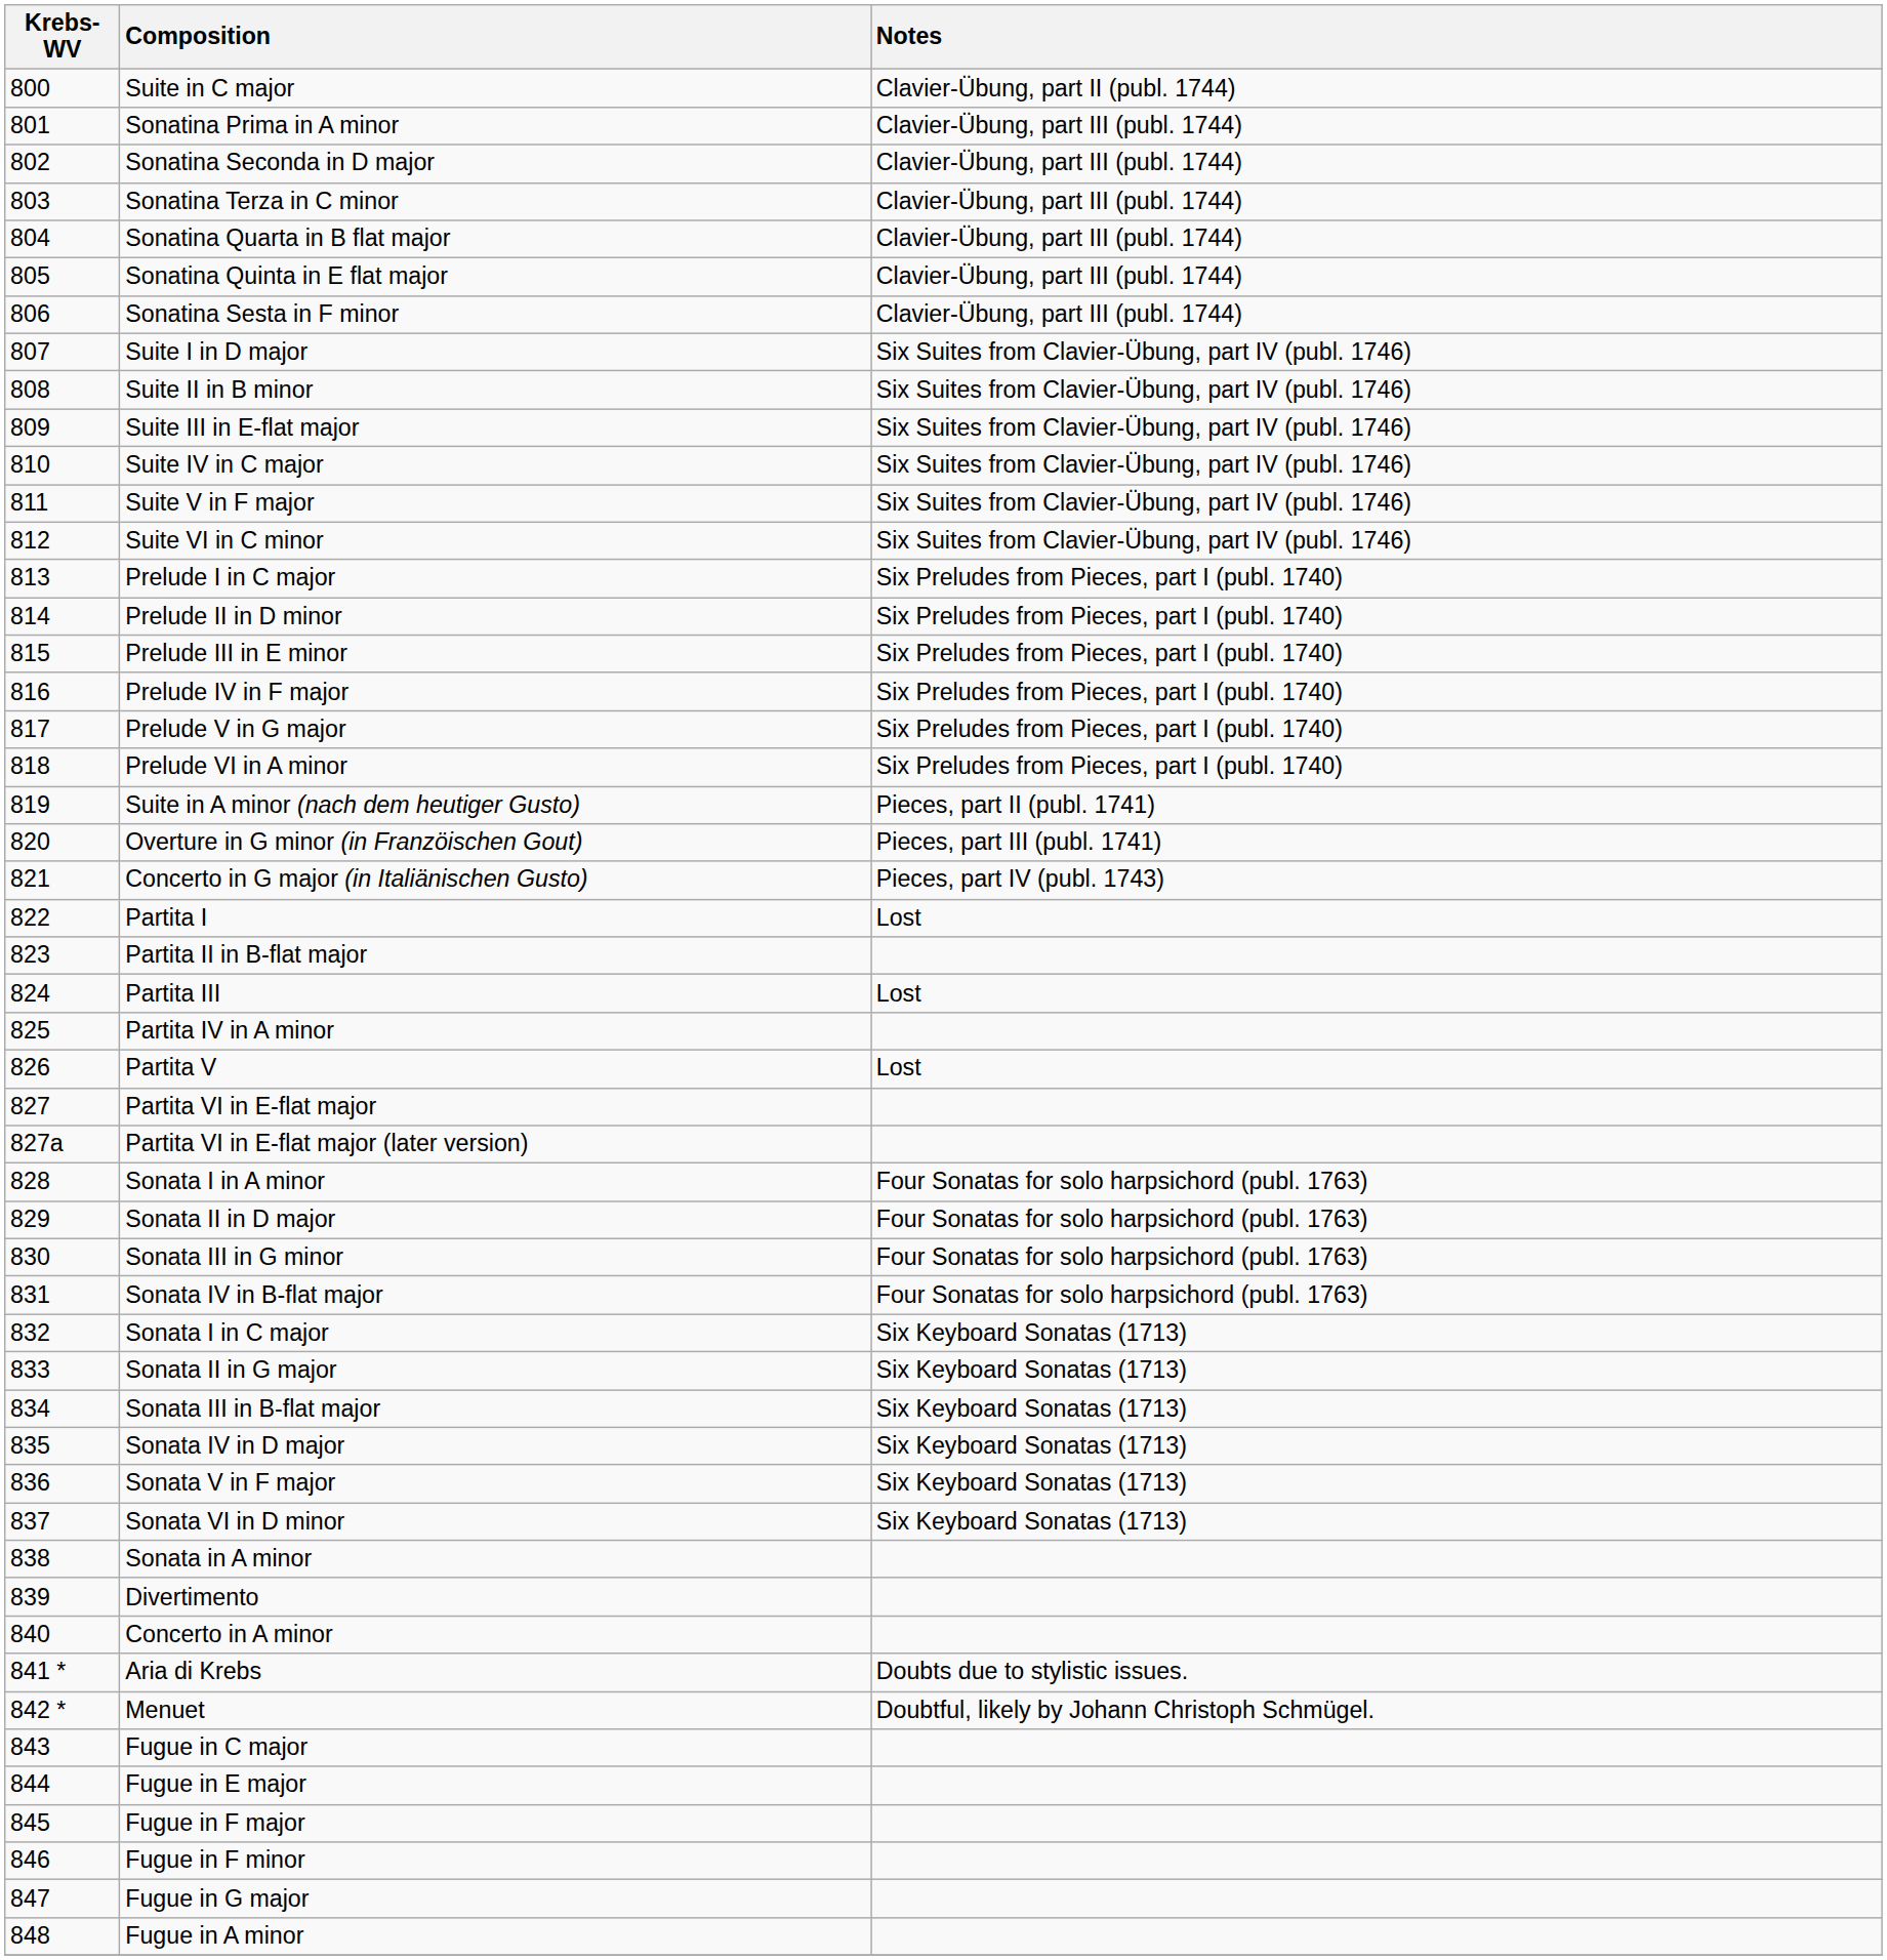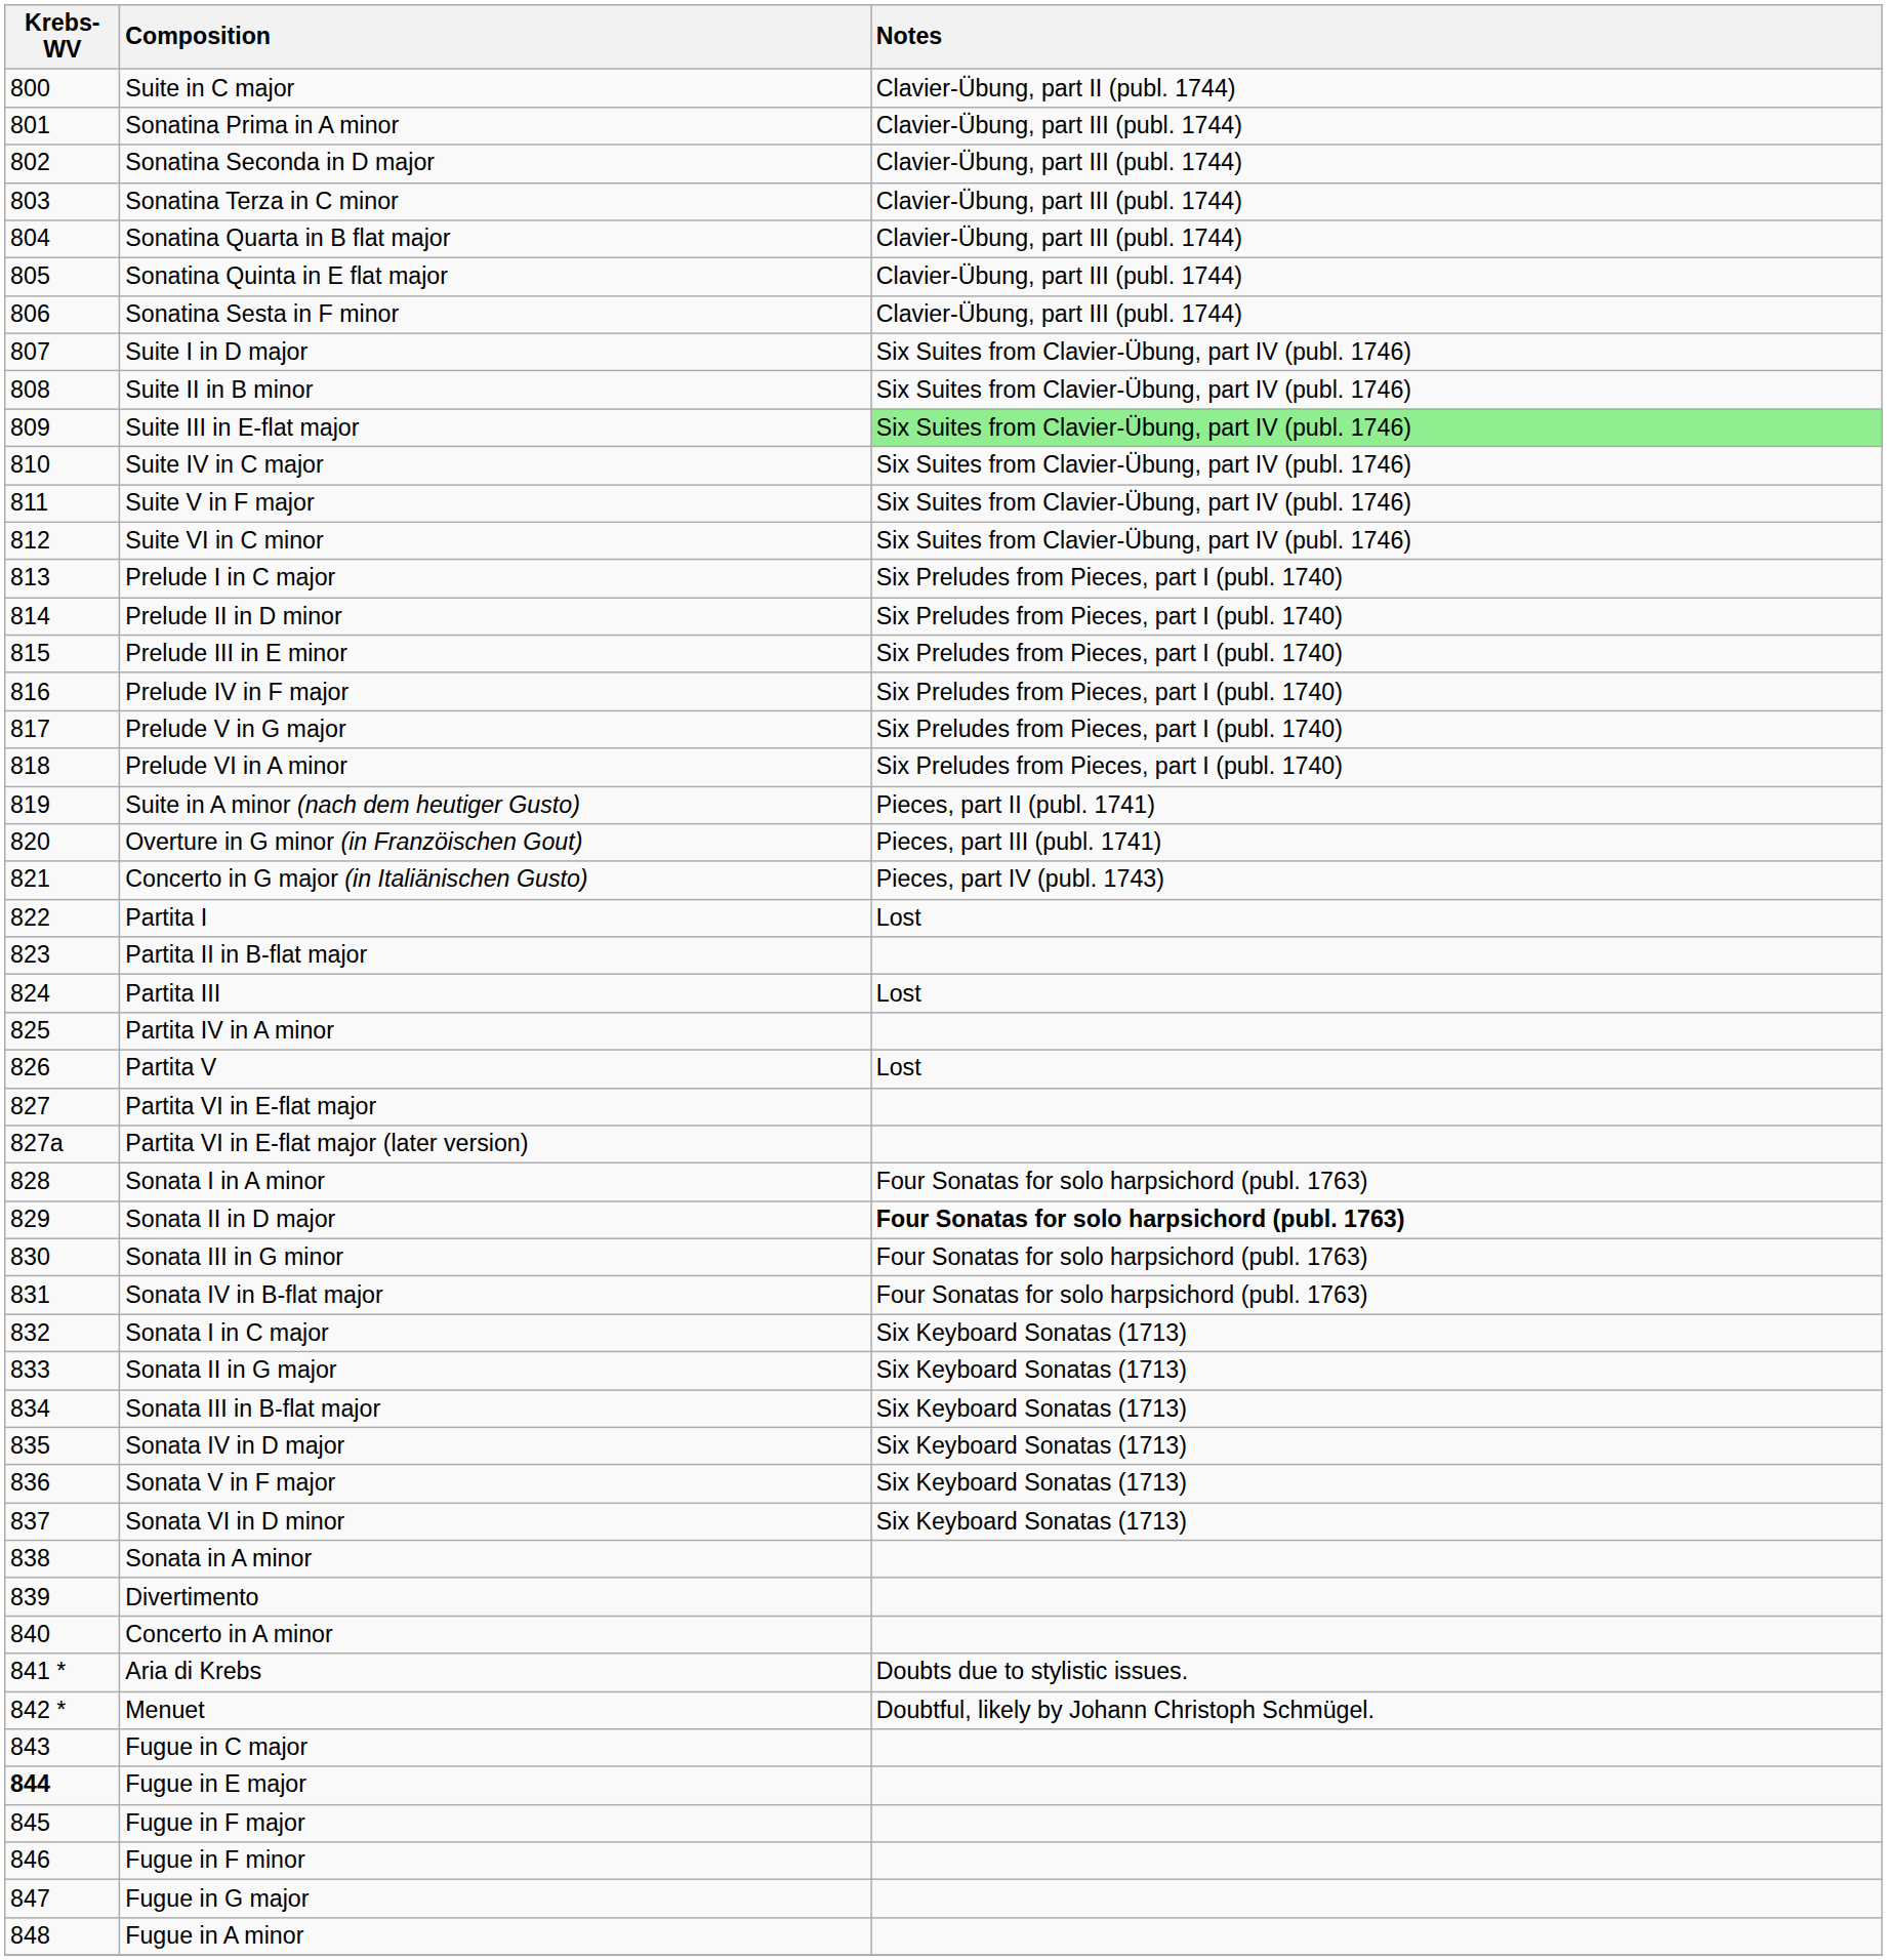 <table class="wikitable" width="100%">
 <tr>
 <th width="70">Krebs-WV</th>
 <th style="text-align: left; width: 40%">Composition</th>
 <th style="text-align: left;">Notes</th>
 </tr>
 <tr>
 <td>800</td>
 <td>Suite in C major</td>
 <td>Clavier-Übung, part II (publ. 1744)</td>
 </tr>
 <tr>
 <td>801</td>
 <td>Sonatina Prima in A minor</td>
 <td>Clavier-Übung, part III (publ. 1744)</td>
 </tr>
 <tr>
 <td>802</td>
 <td>Sonatina Seconda in D major</td>
 <td>Clavier-Übung, part III (publ. 1744)</td>
 </tr>
 <tr>
 <td>803</td>
 <td>Sonatina Terza in C minor</td>
 <td>Clavier-Übung, part III (publ. 1744)</td>
 </tr>
 <tr>
 <td>804</td>
 <td>Sonatina Quarta in B flat major</td>
 <td>Clavier-Übung, part III (publ. 1744)</td>
 </tr>
 <tr>
 <td>805</td>
 <td>Sonatina Quinta in E flat major</td>
 <td>Clavier-Übung, part III (publ. 1744)</td>
 </tr>
 <tr>
 <td>806</td>
 <td>Sonatina Sesta in F minor</td>
 <td>Clavier-Übung, part III (publ. 1744)</td>
 </tr>
 <tr>
 <td>807</td>
 <td>Suite I in D major</td>
 <td>Six Suites from Clavier-Übung, part IV (publ. 1746)</td>
 </tr>
 <tr>
 <td>808</td>
 <td>Suite II in B minor</td>
 <td>Six Suites from Clavier-Übung, part IV (publ. 1746)</td>
 </tr>
 <tr>
 <td>809</td>
 <td>Suite III in E-flat major</td>
-<td>Six Suites from Clavier-Übung, part IV (publ. 1746)</td>
+<td style="background: lightgreen;">Six Suites from Clavier-Übung, part IV (publ. 1746)</td>
 </tr>
 <tr>
 <td>810</td>
 <td>Suite IV in C major</td>
 <td>Six Suites from Clavier-Übung, part IV (publ. 1746)</td>
 </tr>
 <tr>
 <td>811</td>
 <td>Suite V in F major</td>
 <td>Six Suites from Clavier-Übung, part IV (publ. 1746)</td>
 </tr>
 <tr>
 <td>812</td>
 <td>Suite VI in C minor</td>
 <td>Six Suites from Clavier-Übung, part IV (publ. 1746)</td>
 </tr>
 <tr>
 <td>813</td>
 <td>Prelude I in C major</td>
 <td>Six Preludes from Pieces, part I (publ. 1740)</td>
 </tr>
 <tr>
 <td>814</td>
 <td>Prelude II in D minor</td>
 <td>Six Preludes from Pieces, part I (publ. 1740)</td>
 </tr>
 <tr>
 <td>815</td>
 <td>Prelude III in E minor</td>
 <td>Six Preludes from Pieces, part I (publ. 1740)</td>
 </tr>
 <tr>
 <td>816</td>
 <td>Prelude IV in F major</td>
 <td>Six Preludes from Pieces, part I (publ. 1740)</td>
 </tr>
 <tr>
 <td>817</td>
 <td>Prelude V in G major</td>
 <td>Six Preludes from Pieces, part I (publ. 1740)</td>
 </tr>
 <tr>
 <td>818</td>
 <td>Prelude VI in A minor</td>
 <td>Six Preludes from Pieces, part I (publ. 1740)</td>
 </tr>
 <tr>
 <td>819</td>
 <td>Suite in A minor <em>(nach dem heutiger Gusto)</em></td>
 <td>Pieces, part II (publ. 1741)</td>
 </tr>
 <tr>
 <td>820</td>
 <td>Overture in G minor <em>(in Franzöischen Gout)</em></td>
 <td>Pieces, part III (publ. 1741)</td>
 </tr>
 <tr>
 <td>821</td>
 <td>Concerto in G major <em>(in Italiänischen Gusto)</em></td>
 <td>Pieces, part IV (publ. 1743)</td>
 </tr>
 <tr>
 <td>822</td>
 <td>Partita I</td>
 <td>Lost</td>
 </tr>
 <tr>
 <td>823</td>
 <td>Partita II in B-flat major</td>
 <td></td>
 </tr>
 <tr>
 <td>824</td>
 <td>Partita III</td>
 <td>Lost</td>
 </tr>
 <tr>
 <td>825</td>
 <td>Partita IV in A minor</td>
 <td></td>
 </tr>
 <tr>
 <td>826</td>
 <td>Partita V</td>
 <td>Lost</td>
 </tr>
 <tr>
 <td>827</td>
 <td>Partita VI in E-flat major</td>
 <td></td>
 </tr>
 <tr>
 <td>827a</td>
 <td>Partita VI in E-flat major (later version)</td>
 <td></td>
 </tr>
 <tr>
 <td>828</td>
 <td>Sonata I in A minor</td>
 <td>Four Sonatas for solo harpsichord (publ. 1763)</td>
 </tr>
 <tr>
 <td>829</td>
 <td>Sonata II in D major</td>
-<td>Four Sonatas for solo harpsichord (publ. 1763)</td>
+<td><strong>Four Sonatas for solo harpsichord (publ. 1763)</strong></td>
 </tr>
 <tr>
 <td>830</td>
 <td>Sonata III in G minor</td>
 <td>Four Sonatas for solo harpsichord (publ. 1763)</td>
 </tr>
 <tr>
 <td>831</td>
 <td>Sonata IV in B-flat major</td>
 <td>Four Sonatas for solo harpsichord (publ. 1763)</td>
 </tr>
 <tr>
 <td>832</td>
 <td>Sonata I in C major</td>
 <td>Six Keyboard Sonatas (1713)</td>
 </tr>
 <tr>
 <td>833</td>
 <td>Sonata II in G major</td>
 <td>Six Keyboard Sonatas (1713)</td>
 </tr>
 <tr>
 <td>834</td>
 <td>Sonata III in B-flat major</td>
 <td>Six Keyboard Sonatas (1713)</td>
 </tr>
 <tr>
 <td>835</td>
 <td>Sonata IV in D major</td>
 <td>Six Keyboard Sonatas (1713)</td>
 </tr>
 <tr>
 <td>836</td>
 <td>Sonata V in F major</td>
 <td>Six Keyboard Sonatas (1713)</td>
 </tr>
 <tr>
 <td>837</td>
 <td>Sonata VI in D minor</td>
 <td>Six Keyboard Sonatas (1713)</td>
 </tr>
 <tr>
 <td>838</td>
 <td>Sonata in A minor</td>
 <td></td>
 </tr>
 <tr>
 <td>839</td>
 <td>Divertimento</td>
 <td></td>
 </tr>
 <tr>
 <td>840</td>
 <td>Concerto in A minor</td>
 <td></td>
 </tr>
 <tr>
 <td>841 *</td>
 <td>Aria di Krebs</td>
 <td>Doubts due to stylistic issues.</td>
 </tr>
 <tr>
 <td>842 *</td>
 <td>Menuet</td>
 <td>Doubtful, likely by Johann Christoph Schmügel.</td>
 </tr>
 <tr>
 <td>843</td>
 <td>Fugue in C major</td>
 <td></td>
 </tr>
 <tr>
-<td>844</td>
+<td><strong>844</strong></td>
 <td>Fugue in E major</td>
 <td></td>
 </tr>
 <tr>
 <td>845</td>
 <td>Fugue in F major</td>
 <td></td>
 </tr>
 <tr>
 <td>846</td>
 <td>Fugue in F minor</td>
 <td></td>
 </tr>
 <tr>
 <td>847</td>
 <td>Fugue in G major</td>
 <td></td>
 </tr>
 <tr>
 <td>848</td>
 <td>Fugue in A minor</td>
 <td></td>
 </tr>
 <tr>
 </tr>
 </table>
